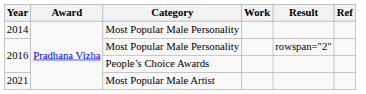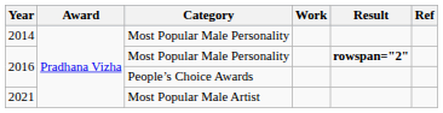 <table class="wikitable">
 <tr style="background:#b0c4de; text-align:center;">
 <th>Year</th>
 <th>Award</th>
 <th>Category</th>
 <th>Work</th>
 <th>Result</th>
 <th>Ref</th>
 </tr>
 <tr>
 <td>2014</td>
 <td rowspan="4"><a href='#'>Pradhana Vizha</a></td>
 <td>Most Popular Male Personality</td>
 <td></td>
 <td></td>
 <td></td>
 </tr>
 <tr>
 <td rowspan="2">2016</td>
 <td>Most Popular Male Personality</td>
 <td></td>
-<td>rowspan="2" </td>
+<td><strong>rowspan="2" </strong></td>
 <td></td>
 </tr>
 <tr>
 <td>People’s Choice Awards</td>
 <td></td>
 <td></td>
 </tr>
 <tr>
 <td>2021</td>
 <td>Most Popular Male Artist</td>
 <td></td>
 <td></td>
 <td></td>
 </tr>
 </table>
